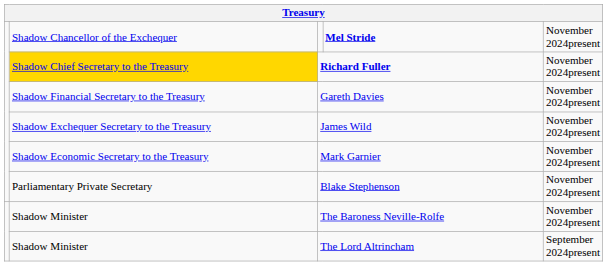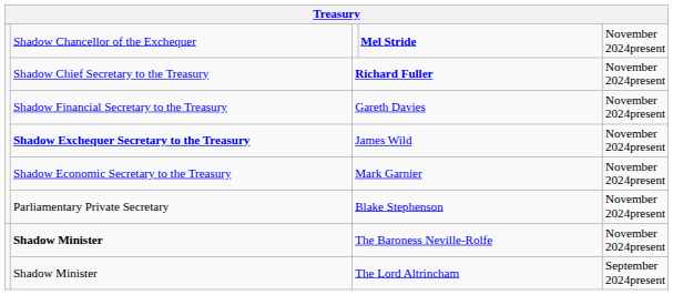 <table class="wikitable">
 <tr>
 <th colspan="5"><a href='#'>Treasury</a></th>
 </tr>
 <tr>
 <td rowspan="6" style="background: "></td>
 <td style="width: 450px;"><a href='#'>Shadow Chancellor of the Exchequer</a></td>
 <td style="background: "></td>
 <td style="width: 320px;"><strong><a href='#'>Mel Stride</a></strong></td>
 <td>November 2024present</td>
 </tr>
 <tr>
-<td style="background: gold;"><a href='#'>Shadow Chief Secretary to the Treasury</a></td>
+<td><a href='#'>Shadow Chief Secretary to the Treasury</a></td>
 <td colspan="2"><a href='#'><strong>Richard Fuller</strong></a></td>
 <td>November 2024present</td>
 </tr>
 <tr>
 <td><a href='#'>Shadow Financial Secretary to the Treasury</a></td>
 <td colspan="2"><a href='#'>Gareth Davies</a></td>
 <td>November 2024present</td>
 </tr>
 <tr>
-<td><a href='#'>Shadow Exchequer Secretary to the Treasury</a></td>
+<td><strong><a href='#'>Shadow Exchequer Secretary to the Treasury</a></strong></td>
 <td colspan="2"><a href='#'>James Wild</a></td>
 <td>November 2024present</td>
 </tr>
 <tr>
 <td><a href='#'>Shadow Economic Secretary to the Treasury</a></td>
 <td colspan="2"><a href='#'>Mark Garnier</a></td>
 <td>November 2024present</td>
 </tr>
 <tr>
 <td>Parliamentary Private Secretary</td>
 <td colspan="2"><a href='#'>Blake Stephenson</a></td>
 <td>November 2024present</td>
 </tr>
 <tr>
 <td rowspan=2 style="background: "></td>
-<td>Shadow Minister</td>
+<td><strong>Shadow Minister</strong></td>
 <td colspan="2"><a href='#'>The Baroness Neville-Rolfe</a></td>
 <td>November 2024present</td>
 </tr>
 <tr>
 <td>Shadow Minister</td>
 <td colspan="2"><a href='#'>The Lord Altrincham</a></td>
 <td>September 2024present</td>
 </tr>
 </table>
